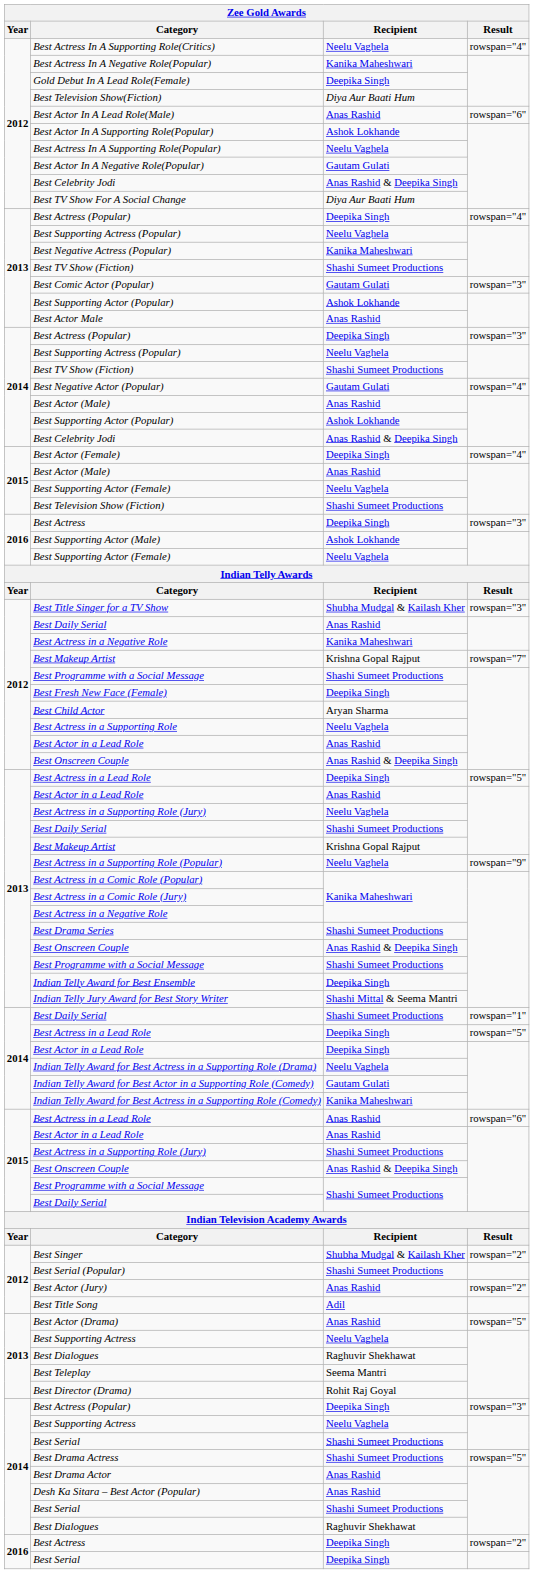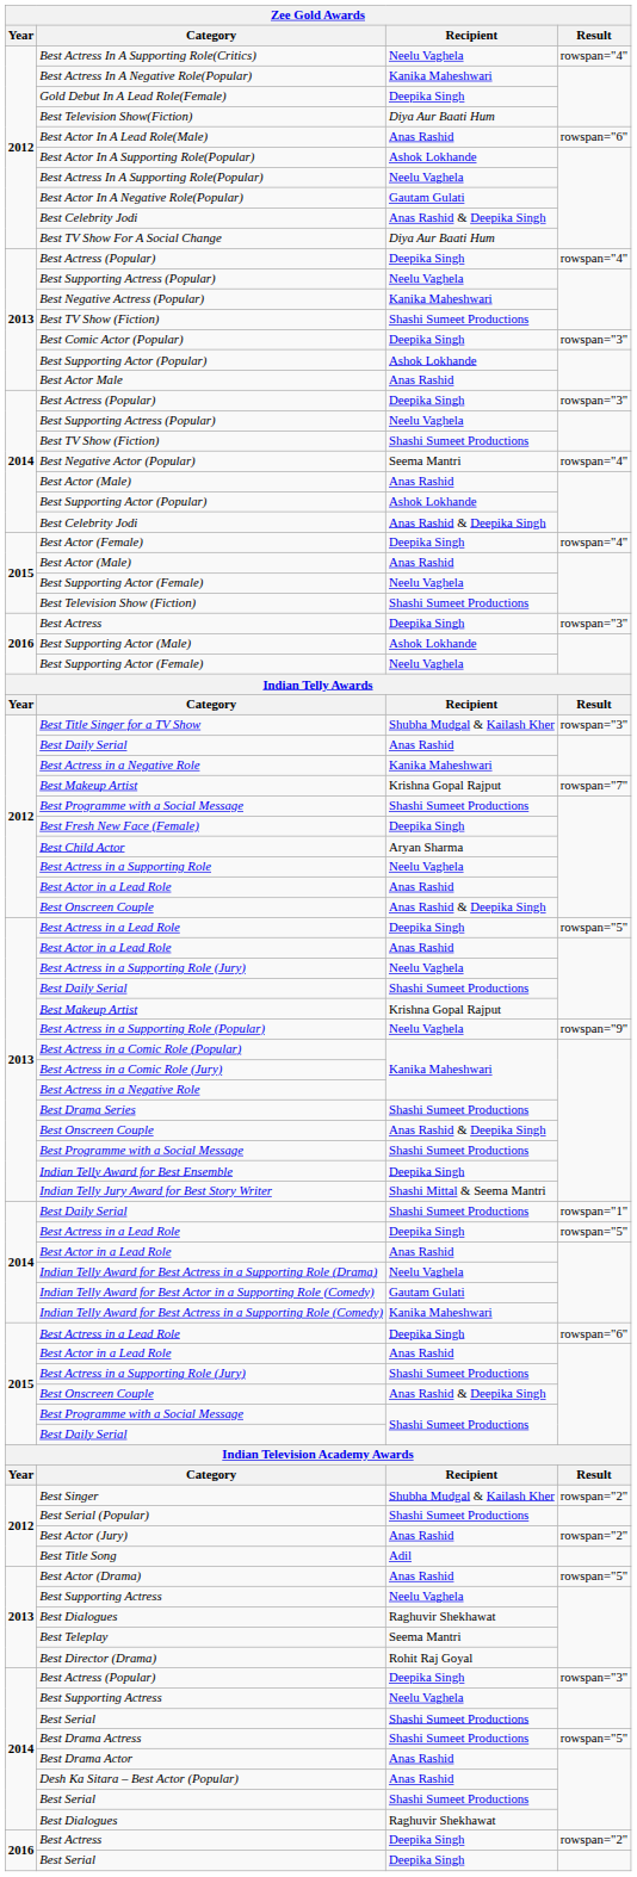 <table class="wikitable">
 <tr>
 <th colspan="5"><a href='#'>Zee Gold Awards</a></th>
 </tr>
 <tr>
 <th>Year</th>
 <th>Category</th>
 <th>Recipient</th>
 <th>Result</th>
 </tr>
 <tr>
 <td rowspan="10"><strong>2012</strong></td>
 <td><em>Best Actress In A Supporting Role(Critics)</em></td>
 <td><a href='#'>Neelu Vaghela</a></td>
 <td>rowspan="4" </td>
 </tr>
 <tr>
 <td><em>Best Actress In A Negative Role(Popular)</em></td>
 <td><a href='#'>Kanika Maheshwari</a></td>
 </tr>
 <tr>
 <td><em>Gold Debut In A Lead Role(Female)</em></td>
 <td><a href='#'>Deepika Singh</a></td>
 </tr>
 <tr>
 <td><em>Best Television Show(Fiction)</em></td>
 <td><em>Diya Aur Baati Hum</em></td>
 </tr>
 <tr>
 <td><em>Best Actor In A Lead Role(Male)</em></td>
 <td><a href='#'>Anas Rashid</a></td>
 <td>rowspan="6" </td>
 </tr>
 <tr>
 <td><em>Best Actor In A Supporting Role(Popular)</em></td>
 <td><a href='#'>Ashok Lokhande</a></td>
 </tr>
 <tr>
 <td><em>Best Actress In A Supporting Role(Popular)</em></td>
 <td><a href='#'>Neelu Vaghela</a></td>
 </tr>
 <tr>
 <td><em>Best Actor In A Negative Role(Popular)</em></td>
 <td><a href='#'>Gautam Gulati</a></td>
 </tr>
 <tr>
 <td><em>Best Celebrity Jodi</em></td>
 <td><a href='#'>Anas Rashid</a> & <a href='#'>Deepika Singh</a></td>
 </tr>
 <tr>
 <td><em>Best TV Show For A Social Change</em></td>
 <td><em>Diya Aur Baati Hum</em></td>
 </tr>
 <tr>
 <td rowspan="7"><strong>2013</strong></td>
 <td><em>Best Actress (Popular)</em></td>
 <td><a href='#'>Deepika Singh</a></td>
 <td>rowspan="4" </td>
 </tr>
 <tr>
 <td><em>Best Supporting Actress (Popular)</em></td>
 <td><a href='#'>Neelu Vaghela</a></td>
 </tr>
 <tr>
 <td><em>Best Negative Actress (Popular)</em></td>
 <td><a href='#'>Kanika Maheshwari</a></td>
 </tr>
 <tr>
 <td><em>Best TV Show (Fiction)</em></td>
 <td><a href='#'>Shashi Sumeet Productions</a></td>
 </tr>
 <tr>
 <td><em>Best Comic Actor (Popular)</em></td>
-<td><a href='#'>Gautam Gulati</a></td>
+<td><a href='#'>Deepika Singh</a></td>
 <td>rowspan="3" </td>
 </tr>
 <tr>
 <td><em>Best Supporting Actor (Popular)</em></td>
 <td><a href='#'>Ashok Lokhande</a></td>
 </tr>
 <tr>
 <td><em>Best Actor Male</em></td>
 <td><a href='#'>Anas Rashid</a></td>
 </tr>
 <tr>
 <td rowspan="7"><strong>2014</strong></td>
 <td><em>Best Actress (Popular)</em></td>
 <td><a href='#'>Deepika Singh</a></td>
 <td>rowspan="3" </td>
 </tr>
 <tr>
 <td><em>Best Supporting Actress (Popular)</em></td>
 <td><a href='#'>Neelu Vaghela</a></td>
 </tr>
 <tr>
 <td><em>Best TV Show (Fiction)</em></td>
 <td><a href='#'>Shashi Sumeet Productions</a></td>
 </tr>
 <tr>
 <td><em>Best Negative Actor (Popular)</em></td>
-<td><a href='#'>Gautam Gulati</a></td>
+<td>Seema Mantri</td>
 <td>rowspan="4" </td>
 </tr>
 <tr>
 <td><em>Best Actor (Male)</em></td>
 <td><a href='#'>Anas Rashid</a></td>
 </tr>
 <tr>
 <td><em>Best Supporting Actor (Popular)</em></td>
 <td><a href='#'>Ashok Lokhande</a></td>
 </tr>
 <tr>
 <td><em>Best Celebrity Jodi</em></td>
 <td><a href='#'>Anas Rashid</a> & <a href='#'>Deepika Singh</a></td>
 </tr>
 <tr>
 <td rowspan="4"><strong>2015</strong></td>
 <td><em>Best Actor (Female)</em></td>
 <td><a href='#'>Deepika Singh</a></td>
 <td>rowspan="4" </td>
 </tr>
 <tr>
 <td><em>Best Actor (Male)</em></td>
 <td><a href='#'>Anas Rashid</a></td>
 </tr>
 <tr>
 <td><em>Best Supporting Actor (Female)</em></td>
 <td><a href='#'>Neelu Vaghela</a></td>
 </tr>
 <tr>
 <td><em>Best Television Show (Fiction)</em></td>
 <td><a href='#'>Shashi Sumeet Productions</a></td>
 </tr>
 <tr>
 <td rowspan="3"><strong>2016</strong></td>
 <td><em>Best Actress</em></td>
 <td><a href='#'>Deepika Singh</a></td>
 <td>rowspan="3" </td>
 </tr>
 <tr>
 <td><em>Best Supporting Actor (Male)</em></td>
 <td><a href='#'>Ashok Lokhande</a></td>
 </tr>
 <tr>
 <td><em>Best Supporting Actor (Female)</em></td>
 <td><a href='#'>Neelu Vaghela</a></td>
 </tr>
 <tr>
 <th colspan="5"><a href='#'>Indian Telly Awards</a></th>
 </tr>
 <tr>
 <th>Year</th>
 <th>Category</th>
 <th>Recipient</th>
 <th>Result</th>
 </tr>
 <tr>
 <td rowspan="10"><strong>2012</strong></td>
 <td><em><a href='#'>Best Title Singer for a TV Show</a></em></td>
 <td><a href='#'>Shubha Mudgal</a> & <a href='#'>Kailash Kher</a></td>
 <td>rowspan="3" </td>
 </tr>
 <tr>
 <td><em><a href='#'>Best Daily Serial</a></em></td>
 <td><a href='#'>Anas Rashid</a></td>
 </tr>
 <tr>
 <td><em><a href='#'>Best Actress in a Negative Role</a></em></td>
 <td><a href='#'>Kanika Maheshwari</a></td>
 </tr>
 <tr>
 <td><em><a href='#'>Best Makeup Artist</a></em></td>
 <td>Krishna Gopal Rajput</td>
 <td>rowspan="7" </td>
 </tr>
 <tr>
 <td><em><a href='#'>Best Programme with a Social Message</a></em></td>
 <td><a href='#'>Shashi Sumeet Productions</a></td>
 </tr>
 <tr>
 <td><em><a href='#'>Best Fresh New Face (Female)</a></em></td>
 <td><a href='#'>Deepika Singh</a></td>
 </tr>
 <tr>
 <td><em><a href='#'>Best Child Actor</a></em></td>
 <td>Aryan Sharma</td>
 </tr>
 <tr>
 <td><em><a href='#'>Best Actress in a Supporting Role</a></em></td>
 <td><a href='#'>Neelu Vaghela</a></td>
 </tr>
 <tr>
 <td><em><a href='#'>Best Actor in a Lead Role</a></em></td>
 <td><a href='#'>Anas Rashid</a></td>
 </tr>
 <tr>
 <td><em><a href='#'>Best Onscreen Couple</a></em></td>
 <td><a href='#'>Anas Rashid</a> & <a href='#'>Deepika Singh</a></td>
 </tr>
 <tr>
 <td rowspan="14"><strong>2013</strong></td>
 <td><em><a href='#'>Best Actress in a Lead Role</a></em></td>
 <td><a href='#'>Deepika Singh</a></td>
 <td>rowspan="5" </td>
 </tr>
 <tr>
 <td><em><a href='#'>Best Actor in a Lead Role</a></em></td>
 <td><a href='#'>Anas Rashid</a></td>
 </tr>
 <tr>
 <td><em><a href='#'>Best Actress in a Supporting Role (Jury)</a></em></td>
 <td><a href='#'>Neelu Vaghela</a></td>
 </tr>
 <tr>
 <td><em><a href='#'>Best Daily Serial</a></em></td>
 <td><a href='#'>Shashi Sumeet Productions</a></td>
 </tr>
 <tr>
 <td><em><a href='#'>Best Makeup Artist</a></em></td>
 <td>Krishna Gopal Rajput</td>
 </tr>
 <tr>
 <td><em><a href='#'>Best Actress in a Supporting Role (Popular)</a></em></td>
 <td><a href='#'>Neelu Vaghela</a></td>
 <td>rowspan="9" </td>
 </tr>
 <tr>
 <td><em><a href='#'>Best Actress in a Comic Role (Popular)</a></em></td>
 <td rowspan="3"><a href='#'>Kanika Maheshwari</a></td>
 </tr>
 <tr>
 <td><em><a href='#'>Best Actress in a Comic Role (Jury)</a></em></td>
 </tr>
 <tr>
 <td><em><a href='#'>Best Actress in a Negative Role</a></em></td>
 </tr>
 <tr>
 <td><em><a href='#'>Best Drama Series</a></em></td>
 <td><a href='#'>Shashi Sumeet Productions</a></td>
 </tr>
 <tr>
 <td><em><a href='#'>Best Onscreen Couple</a></em></td>
 <td><a href='#'>Anas Rashid</a> & <a href='#'>Deepika Singh</a></td>
 </tr>
 <tr>
 <td><em><a href='#'>Best Programme with a Social Message</a></em></td>
 <td><a href='#'>Shashi Sumeet Productions</a></td>
 </tr>
 <tr>
 <td><em><a href='#'>Indian Telly Award for Best Ensemble</a></em></td>
 <td><a href='#'>Deepika Singh</a></td>
 </tr>
 <tr>
 <td><em><a href='#'>Indian Telly Jury Award for Best Story Writer</a></em></td>
 <td><a href='#'>Shashi Mittal</a> & Seema Mantri</td>
 </tr>
 <tr>
 <td rowspan="6"><strong>2014</strong></td>
 <td><em><a href='#'>Best Daily Serial</a></em></td>
 <td><a href='#'>Shashi Sumeet Productions</a></td>
 <td>rowspan="1" </td>
 </tr>
 <tr>
 <td><em><a href='#'>Best Actress in a Lead Role</a></em></td>
 <td><a href='#'>Deepika Singh</a></td>
 <td>rowspan="5" </td>
 </tr>
 <tr>
 <td><em><a href='#'>Best Actor in a Lead Role</a></em></td>
-<td><a href='#'>Deepika Singh</a></td>
+<td><a href='#'>Anas Rashid</a></td>
 </tr>
 <tr>
 <td><em><a href='#'>Indian Telly Award for Best Actress in a Supporting Role (Drama)</a></em></td>
 <td><a href='#'>Neelu Vaghela</a></td>
 </tr>
 <tr>
 <td><em><a href='#'>Indian Telly Award for Best Actor in a Supporting Role (Comedy)</a></em></td>
 <td><a href='#'>Gautam Gulati</a></td>
 </tr>
 <tr>
 <td><em><a href='#'>Indian Telly Award for Best Actress in a Supporting Role (Comedy)</a></em></td>
 <td><a href='#'>Kanika Maheshwari</a></td>
 </tr>
 <tr>
 <td rowspan="6"><strong>2015</strong></td>
 <td><em><a href='#'>Best Actress in a Lead Role</a></em></td>
-<td><a href='#'>Anas Rashid</a></td>
+<td><a href='#'>Deepika Singh</a></td>
 <td>rowspan="6" </td>
 </tr>
 <tr>
 <td><em><a href='#'>Best Actor in a Lead Role</a></em></td>
 <td><a href='#'>Anas Rashid</a></td>
 </tr>
 <tr>
 <td><em><a href='#'>Best Actress in a Supporting Role (Jury)</a></em></td>
 <td><a href='#'>Shashi Sumeet Productions</a></td>
 </tr>
 <tr>
 <td><em><a href='#'>Best Onscreen Couple</a></em></td>
 <td><a href='#'>Anas Rashid</a> & <a href='#'>Deepika Singh</a></td>
 </tr>
 <tr>
 <td><em><a href='#'>Best Programme with a Social Message</a></em></td>
 <td rowspan="2"><a href='#'>Shashi Sumeet Productions</a></td>
 </tr>
 <tr>
 <td><em><a href='#'>Best Daily Serial</a></em></td>
 </tr>
 <tr>
 <th colspan="5"><a href='#'>Indian Television Academy Awards</a></th>
 </tr>
 <tr>
 <th>Year</th>
 <th>Category</th>
 <th>Recipient</th>
 <th>Result</th>
 </tr>
 <tr>
 <td rowspan="4"><strong>2012</strong></td>
 <td><em>Best Singer</em></td>
 <td><a href='#'>Shubha Mudgal</a> & <a href='#'>Kailash Kher</a></td>
 <td>rowspan="2" </td>
 </tr>
 <tr>
 <td><em>Best Serial (Popular)</em></td>
 <td><a href='#'>Shashi Sumeet Productions</a></td>
 </tr>
 <tr>
 <td><em>Best Actor (Jury)</em></td>
 <td><a href='#'>Anas Rashid</a></td>
 <td>rowspan="2" </td>
 </tr>
 <tr>
 <td><em>Best Title Song</em></td>
 <td><a href='#'>Adil</a></td>
 </tr>
 <tr>
 <td rowspan="5"><strong>2013</strong></td>
 <td><em>Best Actor (Drama)</em></td>
 <td><a href='#'>Anas Rashid</a></td>
 <td>rowspan="5" </td>
 </tr>
 <tr>
 <td><em>Best Supporting Actress</em></td>
 <td><a href='#'>Neelu Vaghela</a></td>
 </tr>
 <tr>
 <td><em>Best Dialogues</em></td>
 <td>Raghuvir Shekhawat</td>
 </tr>
 <tr>
 <td><em>Best Teleplay</em></td>
 <td>Seema Mantri</td>
 </tr>
 <tr>
 <td><em>Best Director (Drama)</em></td>
 <td>Rohit Raj Goyal</td>
 </tr>
 <tr>
 <td rowspan="8"><strong>2014</strong></td>
 <td><em>Best Actress (Popular)</em></td>
 <td><a href='#'>Deepika Singh</a></td>
 <td>rowspan="3" </td>
 </tr>
 <tr>
 <td><em>Best Supporting Actress</em></td>
 <td><a href='#'>Neelu Vaghela</a></td>
 </tr>
 <tr>
 <td><em>Best Serial</em></td>
 <td><a href='#'>Shashi Sumeet Productions</a></td>
 </tr>
 <tr>
 <td><em>Best Drama Actress</em></td>
 <td><a href='#'>Shashi Sumeet Productions</a></td>
 <td>rowspan="5" </td>
 </tr>
 <tr>
 <td><em>Best Drama Actor</em></td>
 <td><a href='#'>Anas Rashid</a></td>
 </tr>
 <tr>
 <td><em>Desh Ka Sitara – Best Actor (Popular)</em></td>
 <td><a href='#'>Anas Rashid</a></td>
 </tr>
 <tr>
 <td><em>Best Serial</em></td>
 <td><a href='#'>Shashi Sumeet Productions</a></td>
 </tr>
 <tr>
 <td><em>Best Dialogues</em></td>
 <td>Raghuvir Shekhawat</td>
 </tr>
 <tr>
 <td rowspan="2"><strong>2016</strong></td>
 <td><em>Best Actress</em></td>
 <td><a href='#'>Deepika Singh</a></td>
 <td>rowspan="2" </td>
 </tr>
 <tr>
 <td><em>Best Serial</em></td>
 <td><a href='#'>Deepika Singh</a></td>
 </tr>
 </table>
